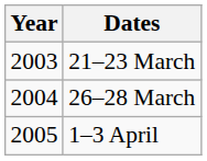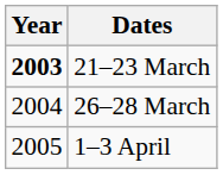 <table class="wikitable">
 <tr>
 <th>Year</th>
 <th>Dates</th>
 </tr>
 <tr>
-<td>2003</td>
+<td><strong>2003</strong></td>
 <td>21–23 March</td>
 </tr>
 <tr>
 <td>2004</td>
 <td>26–28 March</td>
 </tr>
 <tr>
 <td>2005</td>
 <td>1–3 April</td>
 </tr>
 </table>
